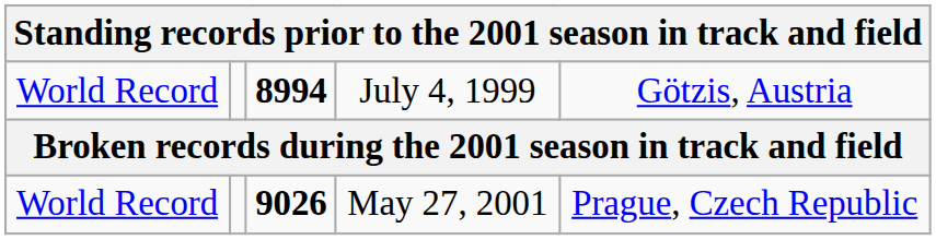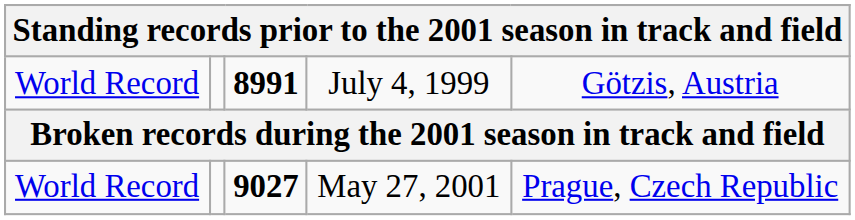 <table class="wikitable" style=" text-align:center;">
 <tr>
 <th colspan="5">Standing records prior to the 2001 season in track and field</th>
 </tr>
 <tr>
 <td><a href='#'>World Record</a></td>
 <td></td>
-<td><strong>8994</strong></td>
+<td><strong>8991</strong></td>
 <td>July 4, 1999</td>
 <td> <a href='#'>Götzis</a>, <a href='#'>Austria</a></td>
 </tr>
 <tr>
 <th colspan="5">Broken records during the 2001 season in track and field</th>
 </tr>
 <tr>
 <td><a href='#'>World Record</a></td>
 <td></td>
-<td><strong>9026</strong></td>
+<td><strong>9027</strong></td>
 <td>May 27, 2001</td>
 <td> <a href='#'>Prague</a>, <a href='#'>Czech Republic</a></td>
 </tr>
 </table>
